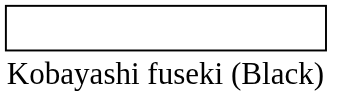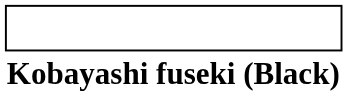 <table style="margin:1em;">
 <tr>
 <td style="border: solid thin; padding: 2px;"><br></td>
 </tr>
 <tr>
-<td style="text-align:center">Kobayashi fuseki (Black)</td>
+<td style="text-align:center"><strong>Kobayashi fuseki (Black)</strong></td>
 </tr>
 </table>
